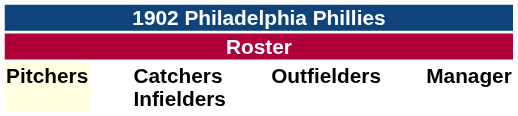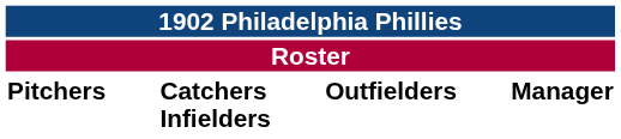 <table class="toccolours" style="font-size: 95%;">
 <tr>
 <th colspan="10" style="background-color: #0f437c; color: white; text-align: center;">1902 Philadelphia Phillies</th>
 </tr>
 <tr>
 <td colspan="10" style="background-color: #af0039; color: white; text-align: center;"><strong>Roster</strong></td>
 </tr>
 <tr>
-<td valign="top" style="background: lightyellow;"><strong>Pitchers</strong><br>           </td>
+<td valign="top"><strong>Pitchers</strong><br>           </td>
 <td width="25px"></td>
 <td valign="top"><strong>Catchers</strong><br>    <strong>Infielders</strong>       </td>
 <td width="25px"></td>
 <td valign="top"><strong>Outfielders</strong><br>         </td>
 <td width="25px"></td>
 <td valign="top"><strong>Manager</strong><br></td>
 </tr>
 </table>
